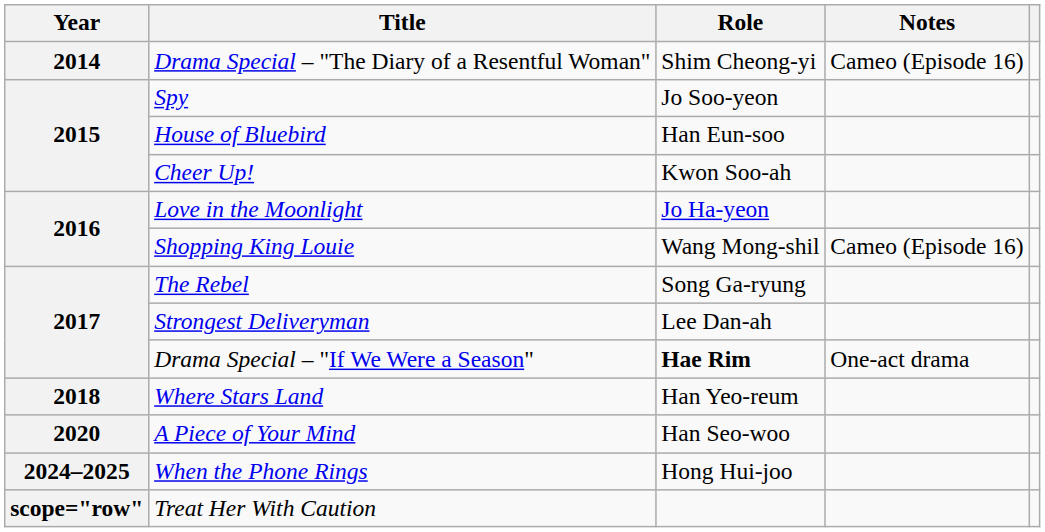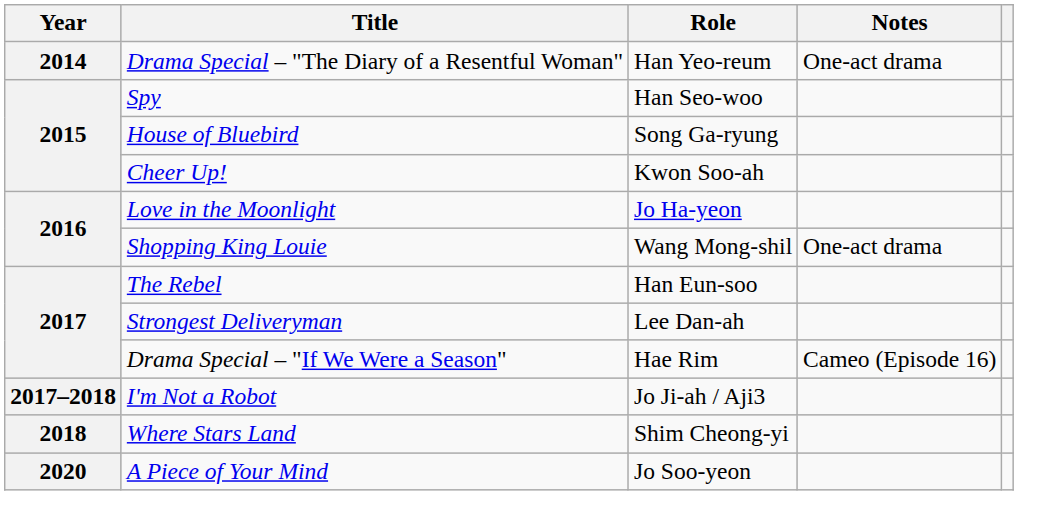 <table class="wikitable plainrowheaders sortable">
 <tr>
 <th scope="col">Year</th>
 <th scope="col">Title</th>
 <th scope="col">Role</th>
 <th scope="col" class="unsortable">Notes</th>
 <th scope="col" class="unsortable"></th>
 </tr>
 <tr>
 <th scope="row">2014</th>
 <td><em><a href='#'>Drama Special</a></em> – "The Diary of a Resentful Woman"</td>
-<td>Shim Cheong-yi</td>
-<td>Cameo (Episode 16)</td>
+<td>Han Yeo-reum</td>
+<td>One-act drama</td>
 <td style="text-align:center"></td>
 </tr>
 <tr>
 <th scope="row"  rowspan="3">2015</th>
 <td><em><a href='#'>Spy</a></em></td>
-<td>Jo Soo-yeon</td>
+<td>Han Seo-woo</td>
 <td></td>
 <td style="text-align:center"></td>
 </tr>
 <tr>
 <td><em><a href='#'>House of Bluebird</a></em></td>
-<td>Han Eun-soo</td>
+<td>Song Ga-ryung</td>
 <td></td>
 <td style="text-align:center"></td>
 </tr>
 <tr>
 <td><em><a href='#'>Cheer Up!</a></em></td>
 <td>Kwon Soo-ah</td>
 <td></td>
 <td style="text-align:center"></td>
 </tr>
 <tr>
 <th scope="row" rowspan="2">2016</th>
 <td><em><a href='#'>Love in the Moonlight</a></em></td>
 <td><a href='#'>Jo Ha-yeon</a></td>
 <td></td>
 <td style="text-align:center"></td>
 </tr>
 <tr>
 <td><em><a href='#'>Shopping King Louie</a></em></td>
 <td>Wang Mong-shil</td>
-<td>Cameo (Episode 16)</td>
+<td>One-act drama</td>
 <td style="text-align:center"></td>
 </tr>
 <tr>
 <th scope="row" rowspan="3">2017</th>
 <td><em><a href='#'>The Rebel</a></em></td>
-<td>Song Ga-ryung</td>
+<td>Han Eun-soo</td>
 <td></td>
 <td style="text-align:center"></td>
 </tr>
 <tr>
 <td><em><a href='#'>Strongest Deliveryman</a></em></td>
 <td>Lee Dan-ah</td>
 <td></td>
 <td style="text-align:center"></td>
 </tr>
 <tr>
 <td><em>Drama Special</em> – "<a href='#'>If We Were a Season</a>"</td>
-<td><strong>Hae Rim</strong></td>
-<td>One-act drama</td>
+<td>Hae Rim</td>
+<td>Cameo (Episode 16)</td>
+<td style="text-align:center"></td>
+</tr>
+<tr>
+<th scope="row">2017–2018</th>
+<td><em><a href='#'>I'm Not a Robot</a></em></td>
+<td>Jo Ji-ah / Aji3</td>
+<td></td>
 <td style="text-align:center"></td>
 </tr>
 <tr>
 <th scope="row">2018</th>
 <td><em><a href='#'>Where Stars Land</a></em></td>
-<td>Han Yeo-reum</td>
+<td>Shim Cheong-yi</td>
 <td></td>
 <td style="text-align:center"></td>
 </tr>
 <tr>
 <th scope="row">2020</th>
 <td><em><a href='#'>A Piece of Your Mind</a></em></td>
-<td>Han Seo-woo</td>
-<td></td>
-<td style="text-align:center"></td>
-</tr>
-<tr>
-<th scope="row">2024–2025</th>
-<td><em><a href='#'>When the Phone Rings</a></em></td>
-<td>Hong Hui-joo</td>
-<td></td>
-<td style="text-align:center"></td>
-</tr>
-<tr>
-<th>scope="row" </th>
-<td><em>Treat Her With Caution</em></td>
-<td></td>
+<td>Jo Soo-yeon</td>
 <td></td>
 <td style="text-align:center"></td>
 </tr>
 </table>
